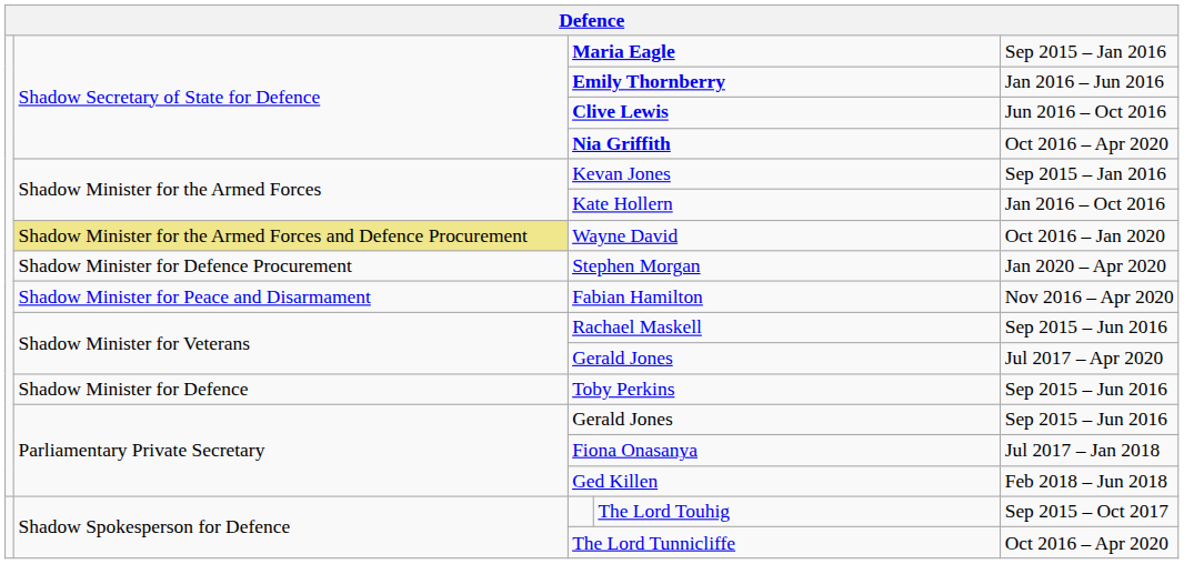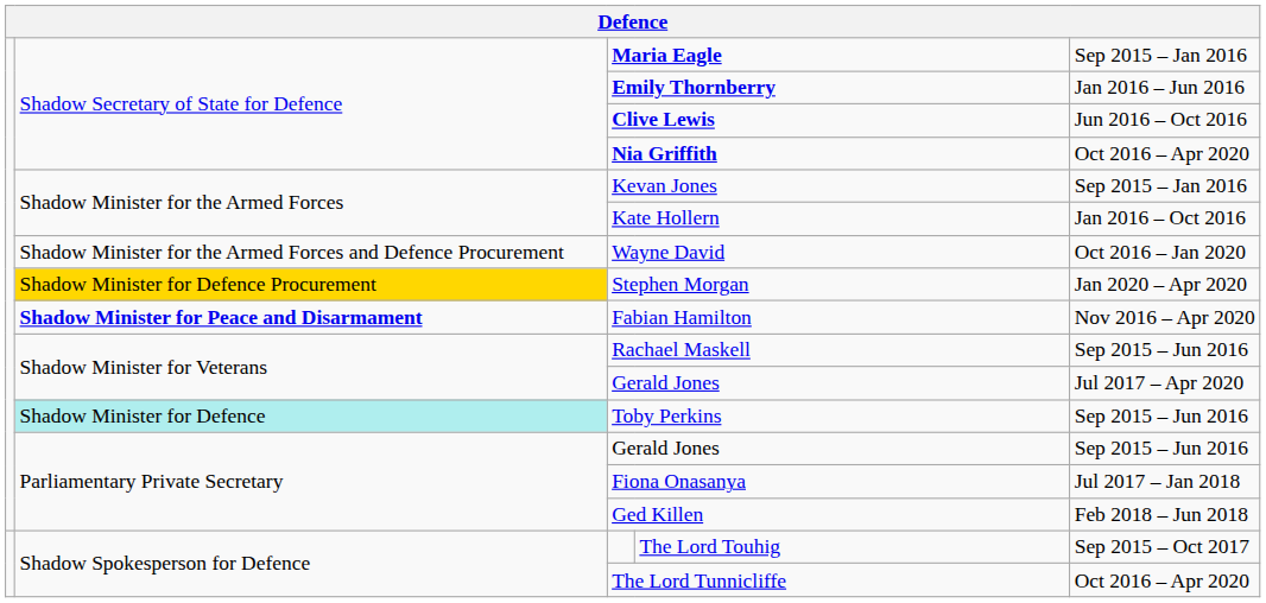 <table class="wikitable">
 <tr>
 <th colspan="5"><a href='#'>Defence</a></th>
 </tr>
 <tr>
 <td rowspan="15" style="background: "></td>
 <td rowspan="4" style="width: 450px;"><a href='#'>Shadow Secretary of State for Defence</a></td>
 <td colspan="2" style="width: 350px;"><strong><a href='#'>Maria Eagle</a></strong></td>
 <td>Sep 2015 – Jan 2016</td>
 </tr>
 <tr>
 <td colspan="2"><strong><a href='#'>Emily Thornberry</a></strong></td>
 <td>Jan 2016 – Jun 2016</td>
 </tr>
 <tr>
 <td colspan="2"><a href='#'><strong>Clive Lewis</strong></a></td>
 <td>Jun 2016 – Oct 2016</td>
 </tr>
 <tr>
 <td colspan="2"><strong><a href='#'>Nia Griffith</a></strong></td>
 <td>Oct 2016 – Apr 2020</td>
 </tr>
 <tr>
 <td rowspan="2">Shadow Minister for the Armed Forces</td>
 <td colspan="2"><a href='#'>Kevan Jones</a></td>
 <td>Sep 2015 – Jan 2016</td>
 </tr>
 <tr>
 <td colspan="2"><a href='#'>Kate Hollern</a></td>
 <td>Jan 2016 – Oct 2016</td>
 </tr>
 <tr>
-<td style="background: khaki;">Shadow Minister for the Armed Forces and Defence Procurement</td>
+<td>Shadow Minister for the Armed Forces and Defence Procurement</td>
 <td colspan="2"><a href='#'>Wayne David</a></td>
 <td>Oct 2016 – Jan 2020</td>
 </tr>
 <tr>
-<td>Shadow Minister for Defence Procurement</td>
+<td style="background: gold;">Shadow Minister for Defence Procurement</td>
 <td colspan="2"><a href='#'>Stephen Morgan</a></td>
 <td>Jan 2020 – Apr 2020</td>
 </tr>
 <tr>
-<td><a href='#'>Shadow Minister for Peace and Disarmament</a></td>
+<td><strong><a href='#'>Shadow Minister for Peace and Disarmament</a></strong></td>
 <td colspan="2"><a href='#'>Fabian Hamilton</a></td>
 <td>Nov 2016 – Apr 2020</td>
 </tr>
 <tr>
 <td rowspan="2">Shadow Minister for Veterans</td>
 <td colspan="2"><a href='#'>Rachael Maskell</a></td>
 <td>Sep 2015 – Jun 2016</td>
 </tr>
 <tr>
 <td colspan="2"><a href='#'>Gerald Jones</a></td>
 <td>Jul 2017 – Apr 2020</td>
 </tr>
 <tr>
-<td>Shadow Minister for Defence</td>
+<td style="background: paleturquoise;">Shadow Minister for Defence</td>
 <td colspan="2"><a href='#'>Toby Perkins</a></td>
 <td>Sep 2015 – Jun 2016</td>
 </tr>
 <tr>
 <td rowspan="3">Parliamentary Private Secretary</td>
 <td colspan="2">Gerald Jones</td>
 <td>Sep 2015 – Jun 2016</td>
 </tr>
 <tr>
 <td colspan="2"><a href='#'>Fiona Onasanya</a></td>
 <td>Jul 2017 – Jan 2018</td>
 </tr>
 <tr>
 <td colspan="2"><a href='#'>Ged Killen</a></td>
 <td>Feb 2018 – Jun 2018</td>
 </tr>
 <tr>
 <td rowspan="2" style="background: "></td>
 <td rowspan="2">Shadow Spokesperson for Defence</td>
 <td style="background: "></td>
 <td><a href='#'>The Lord Touhig</a></td>
 <td>Sep 2015 – Oct 2017</td>
 </tr>
 <tr>
 <td colspan="2"><a href='#'>The Lord Tunnicliffe</a></td>
 <td>Oct 2016 – Apr 2020</td>
 </tr>
 </table>
